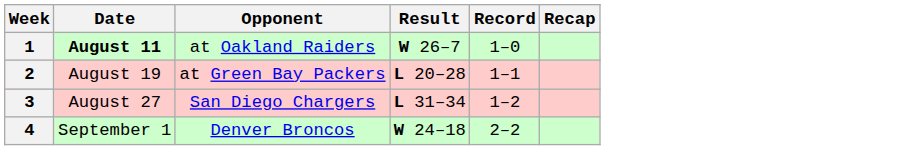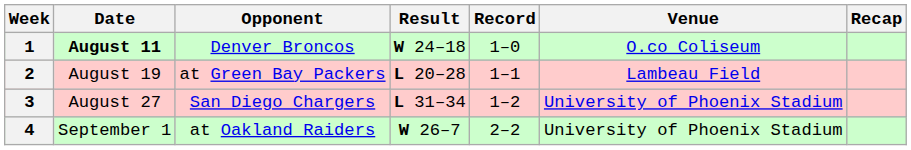 <table class="wikitable" style="text-align:center">
 <tr>
 <th>Week</th>
 <th>Date</th>
 <th>Opponent</th>
 <th>Result</th>
 <th>Record</th>
+<th>Venue</th>
 <th>Recap</th>
 </tr>
 <tr style="background:#cfc; text-align:center;">
 <th>1</th>
 <td><strong>August 11</strong></td>
-<td>at <a href='#'>Oakland Raiders</a></td>
-<td><strong>W</strong> 26–7</td>
+<td><a href='#'>Denver Broncos</a></td>
+<td><strong>W</strong> 24–18</td>
 <td>1–0</td>
+<td><a href='#'>O.co Coliseum</a></td>
 <td></td>
 </tr>
 <tr style="background:#fcc; text-align:center;">
 <th>2</th>
 <td>August 19</td>
 <td>at <a href='#'>Green Bay Packers</a></td>
 <td><strong>L</strong> 20–28</td>
 <td>1–1</td>
+<td><a href='#'>Lambeau Field</a></td>
 <td></td>
 </tr>
 <tr style="background:#fcc; text-align:center;">
 <th>3</th>
 <td>August 27</td>
 <td><a href='#'>San Diego Chargers</a></td>
 <td><strong>L</strong> 31–34</td>
 <td>1–2</td>
+<td><a href='#'>University of Phoenix Stadium</a></td>
 <td></td>
 </tr>
 <tr style="background:#cfc; text-align:center;">
 <th>4</th>
 <td>September 1</td>
-<td><a href='#'>Denver Broncos</a></td>
-<td><strong>W</strong> 24–18</td>
+<td>at <a href='#'>Oakland Raiders</a></td>
+<td><strong>W</strong> 26–7</td>
 <td>2–2</td>
+<td>University of Phoenix Stadium</td>
 <td></td>
 </tr>
 </table>
